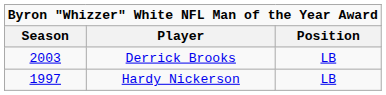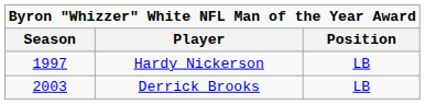 <table class="wikitable" style="text-align:center">
 <tr>
 <td colspan="3"><strong>Byron "Whizzer" White NFL Man of the Year Award</strong></td>
 </tr>
 <tr>
 <th>Season</th>
 <th>Player</th>
 <th>Position</th>
 </tr>
 <tr>
+<td><a href='#'>1997</a></td>
+<td><a href='#'>Hardy Nickerson</a></td>
+<td><a href='#'>LB</a></td>
+</tr>
+<tr>
 <td><a href='#'>2003</a></td>
 <td><a href='#'>Derrick Brooks</a></td>
 <td><a href='#'>LB</a></td>
 </tr>
-<tr>
-<td><a href='#'>1997</a></td>
-<td><a href='#'>Hardy Nickerson</a></td>
-<td><a href='#'>LB</a></td>
-</tr>
 </table>
